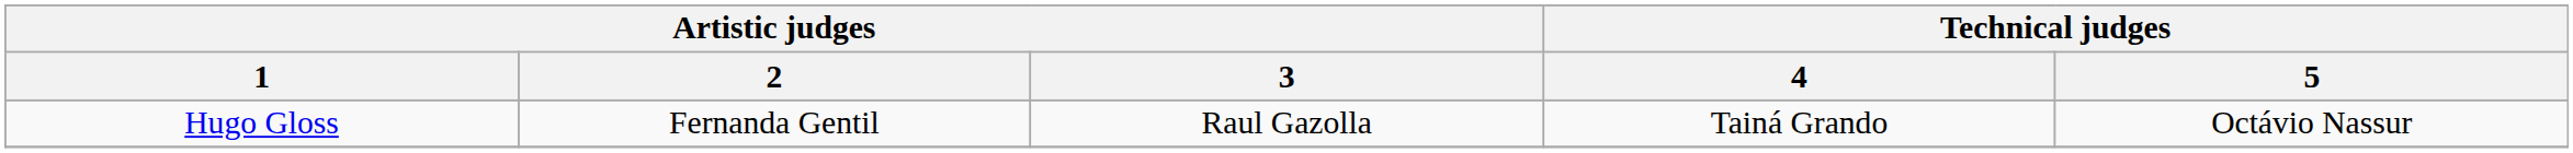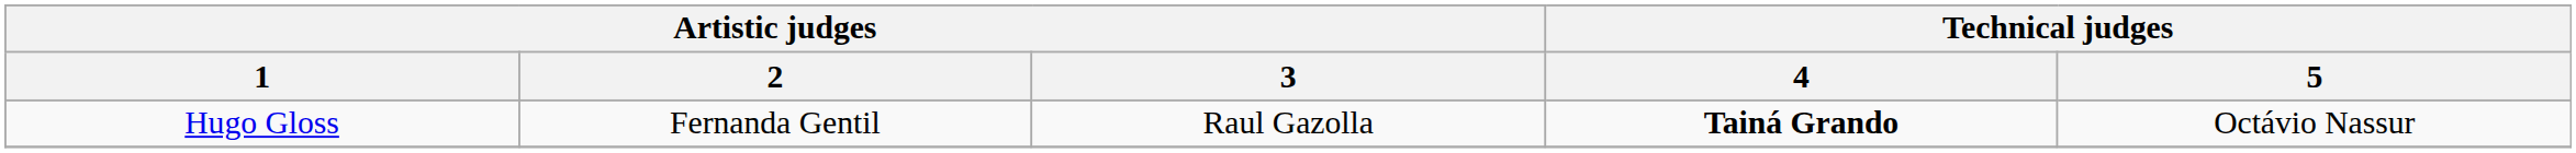 <table class="wikitable" style="font-size:100%; line-height:16px; text-align:center" width="100%">
 <tr>
 <th colspan=3>Artistic judges</th>
 <th colspan=2>Technical judges</th>
 </tr>
 <tr>
 <th width="20.0%">1</th>
 <th width="20.0%">2</th>
 <th width="20.0%">3</th>
 <th width="20.0%">4</th>
 <th width="20.0%">5</th>
 </tr>
 <tr>
 <td><a href='#'>Hugo Gloss</a></td>
 <td>Fernanda Gentil</td>
 <td>Raul Gazolla</td>
-<td>Tainá Grando</td>
+<td><strong>Tainá Grando</strong></td>
 <td>Octávio Nassur</td>
 </tr>
 <tr>
 </tr>
 </table>
